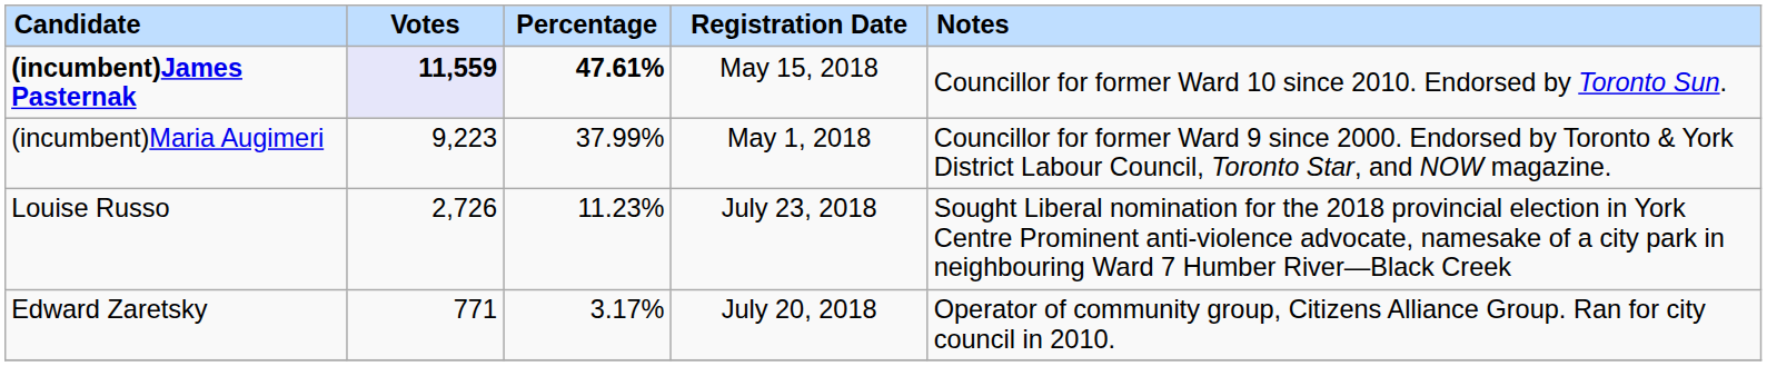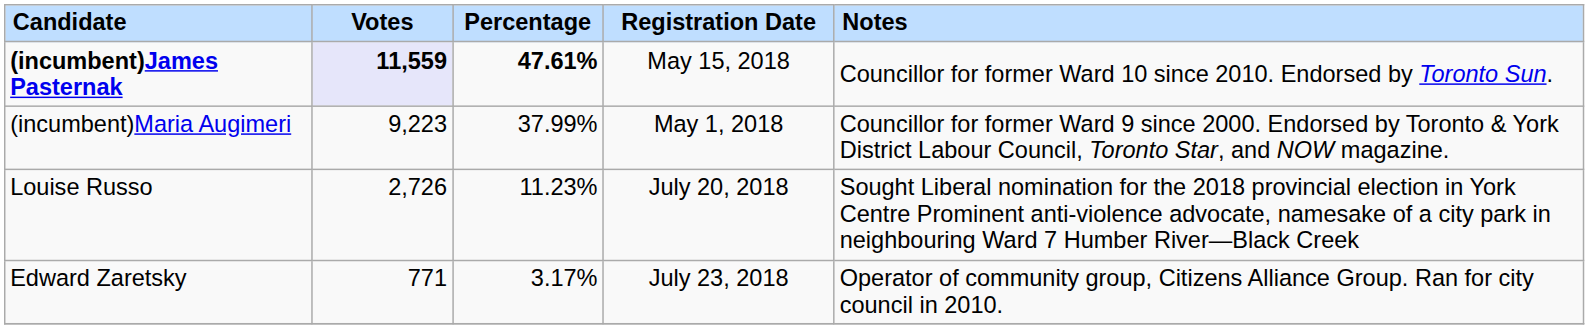 <table class="sortable wikitable">
 <tr>
 <th scope="col" style="background-color:#bfdeff;width:200px;text-align:left;padding-left:5px;">Candidate</th>
 <th scope="col" style="background-color:#bfdeff;width:88px;">Votes</th>
 <th scope="col" style="background-color:#bfdeff;width:95px;">Percentage</th>
 <th scope="col" style="background-color:#bfdeff;width:150px;">Registration Date</th>
 <th scope="col" style="background-color:#bfdeff;width:500px;text-align:left;padding-left:5px;">Notes</th>
 </tr>
 <tr>
 <td valign="top"><strong>(incumbent)<a href='#'>James Pasternak</a></strong></td>
 <td valign="top" align="right" style="background: lavender;"><strong>11,559</strong></td>
 <td valign="top" align="right"><strong> 47.61%</strong></td>
 <td valign="top" align="center">May 15, 2018</td>
 <td>Councillor for former Ward 10 since 2010. Endorsed by <em><a href='#'>Toronto Sun</a></em>.</td>
 </tr>
 <tr>
 <td valign="top">(incumbent)<a href='#'>Maria Augimeri</a></td>
 <td valign="top" align="right">9,223</td>
 <td valign="top" align="right">37.99%</td>
 <td valign="top" align="center">May 1, 2018</td>
 <td>Councillor for former Ward 9 since 2000. Endorsed by Toronto & York District Labour Council, <em>Toronto Star</em>, and <em>NOW</em> magazine.</td>
 </tr>
 <tr>
 <td valign="top">Louise Russo</td>
 <td valign="top" align="right">2,726</td>
 <td valign="top" align="right">11.23%</td>
-<td valign="top" align="center">July 23, 2018</td>
+<td valign="top" align="center">July 20, 2018</td>
 <td>Sought Liberal nomination for the 2018 provincial election in York Centre Prominent anti-violence advocate, namesake of a city park in neighbouring Ward 7 Humber River—Black Creek</td>
 </tr>
 <tr>
 <td valign="top">Edward Zaretsky</td>
 <td valign="top" align="right">771</td>
 <td valign="top" align="right">3.17%</td>
-<td valign="top" align="center">July 20, 2018</td>
+<td valign="top" align="center">July 23, 2018</td>
 <td>Operator of community group, Citizens Alliance Group. Ran for city council in 2010.</td>
 </tr>
 <tr>
 </tr>
 </table>
